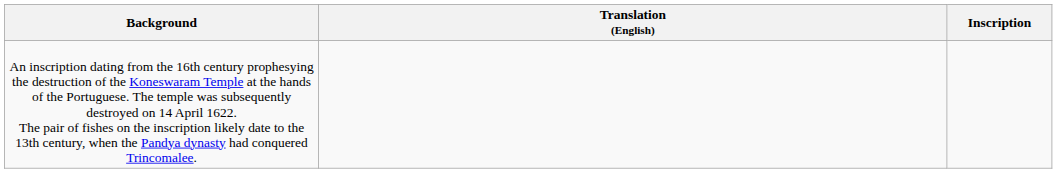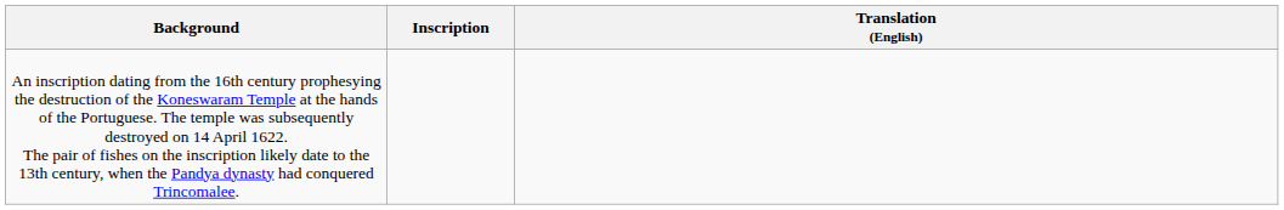 <table class="wikitable centre">
 <tr>
 <th scope="col" align=left>Background<br></th>
+<th>Inscription<br></th>
 <th>Translation<br><small>(English)</small></th>
-<th>Inscription<br></th>
 </tr>
 <tr>
 <td align=center width="30%"><br>An inscription dating from the 16th century prophesying the destruction of the <a href='#'>Koneswaram Temple</a> at the hands of the Portuguese. The temple was subsequently destroyed on 14 April 1622.<br>The pair of fishes on the inscription likely date to the 13th century, when the <a href='#'>Pandya dynasty</a> had conquered <a href='#'>Trincomalee</a>.</td>
+<td align=center width="10%"><br></td>
 <td align=left><br></td>
-<td align=center width="10%"><br></td>
 </tr>
 </table>
